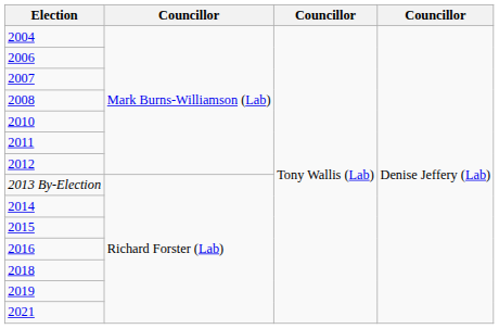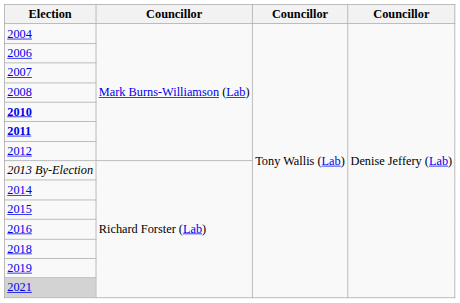 <table class="wikitable">
 <tr>
 <th>Election</th>
 <th>Councillor</th>
 <th>Councillor</th>
 <th>Councillor</th>
 </tr>
 <tr>
 <td><a href='#'>2004</a></td>
 <td rowspan="7"><a href='#'>Mark Burns-Williamson</a> (<a href='#'>Lab</a>)</td>
 <td rowspan="14">Tony Wallis (<a href='#'>Lab</a>)</td>
 <td rowspan="14">Denise Jeffery (<a href='#'>Lab</a>)</td>
 </tr>
 <tr>
 <td><a href='#'>2006</a></td>
 </tr>
 <tr>
 <td><a href='#'>2007</a></td>
 </tr>
 <tr>
 <td><a href='#'>2008</a></td>
 </tr>
 <tr>
-<td><a href='#'>2010</a></td>
+<td><strong><a href='#'>2010</a></strong></td>
 </tr>
 <tr>
-<td><a href='#'>2011</a></td>
+<td><strong><a href='#'>2011</a></strong></td>
 </tr>
 <tr>
 <td><a href='#'>2012</a></td>
 </tr>
 <tr>
 <td><em>2013 By-Election</em></td>
 <td rowspan="7">Richard Forster (<a href='#'>Lab</a>)</td>
 </tr>
 <tr>
 <td><a href='#'>2014</a></td>
 </tr>
 <tr>
 <td><a href='#'>2015</a></td>
 </tr>
 <tr>
 <td><a href='#'>2016</a></td>
 </tr>
 <tr>
 <td><a href='#'>2018</a></td>
 </tr>
 <tr>
 <td><a href='#'>2019</a></td>
 </tr>
 <tr>
-<td><a href='#'>2021</a></td>
+<td style="background: lightgrey;"><a href='#'>2021</a></td>
 </tr>
 </table>
